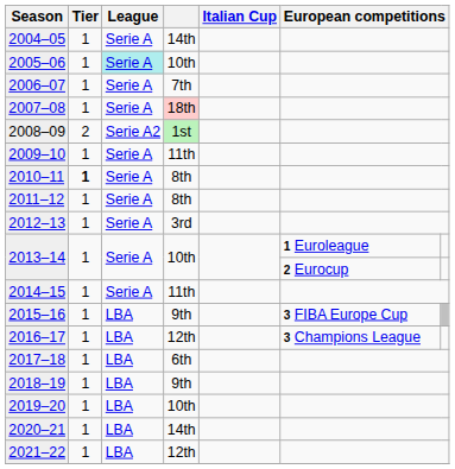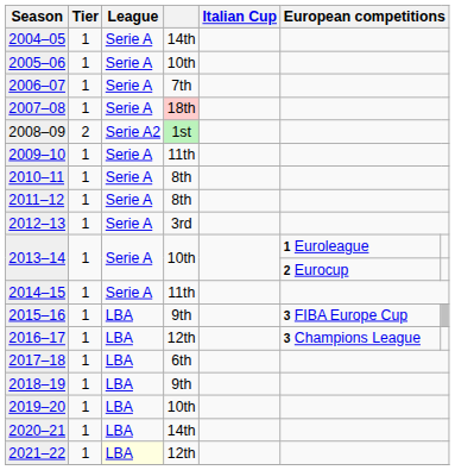 <table class="wikitable" style="font-size:85%; text-align:left">
 <tr>
 <th>Season</th>
 <th>Tier</th>
 <th>League</th>
 <th></th>
 <th><a href='#'>Italian Cup</a></th>
 <th colspan=2>European competitions</th>
 </tr>
 <tr>
 <td style="background:#efefef;"><a href='#'>2004–05</a></td>
 <td align="center">1</td>
 <td><a href='#'>Serie A</a></td>
 <td align="center">14th</td>
 <td></td>
 <td colspan=2></td>
 </tr>
 <tr>
 <td style="background:#efefef;"><a href='#'>2005–06</a></td>
 <td align="center">1</td>
-<td style="background: paleturquoise;"><a href='#'>Serie A</a></td>
+<td><a href='#'>Serie A</a></td>
 <td align="center">10th</td>
 <td></td>
 <td colspan=2></td>
 </tr>
 <tr>
 <td style="background:#efefef;"><a href='#'>2006–07</a></td>
 <td align="center">1</td>
 <td><a href='#'>Serie A</a></td>
 <td align="center">7th</td>
 <td></td>
 <td colspan=2></td>
 </tr>
 <tr>
 <td style="background:#efefef;"><a href='#'>2007–08</a></td>
 <td align="center">1</td>
 <td><a href='#'>Serie A</a></td>
 <td align="center" bgcolor=#fcc>18th</td>
 <td></td>
 <td colspan=2></td>
 </tr>
 <tr>
 <td style="background:#efefef;">2008–09</td>
 <td align="center">2</td>
 <td><a href='#'>Serie A2</a></td>
 <td align="center" style="background:#BBF3BB">1st</td>
 <td></td>
 <td colspan=2></td>
 </tr>
 <tr>
 <td style="background:#efefef;"><a href='#'>2009–10</a></td>
 <td align="center">1</td>
 <td><a href='#'>Serie A</a></td>
 <td align="center">11th</td>
 <td></td>
 <td colspan=2></td>
 </tr>
 <tr>
 <td style="background:#efefef;"><a href='#'>2010–11</a></td>
-<td align="center"><strong>1</strong></td>
+<td align="center">1</td>
 <td><a href='#'>Serie A</a></td>
 <td align="center">8th</td>
 <td></td>
 <td colspan=2></td>
 </tr>
 <tr>
 <td style="background:#efefef;"><a href='#'>2011–12</a></td>
 <td align="center">1</td>
 <td><a href='#'>Serie A</a></td>
 <td align="center">8th</td>
 <td></td>
 <td colspan=2></td>
 </tr>
 <tr>
 <td style="background:#efefef;"><a href='#'>2012–13</a></td>
 <td align="center">1</td>
 <td><a href='#'>Serie A</a></td>
 <td align="center">3rd</td>
 <td></td>
 <td colspan=2></td>
 </tr>
 <tr>
 <td rowspan=2 style="background:#efefef;"><a href='#'>2013–14</a></td>
 <td rowspan=2 align="center">1</td>
 <td rowspan=2><a href='#'>Serie A</a></td>
 <td rowspan=2 align="center">10th</td>
 <td rowspan=2></td>
 <td><small><strong>1</strong></small> <a href='#'>Euroleague</a></td>
 <td></td>
 </tr>
 <tr>
 <td><small><strong>2</strong></small> <a href='#'>Eurocup</a></td>
 <td></td>
 </tr>
 <tr>
 <td style="background:#efefef;"><a href='#'>2014–15</a></td>
 <td align="center">1</td>
 <td><a href='#'>Serie A</a></td>
 <td align="center">11th</td>
 <td></td>
 <td colspan=2></td>
 </tr>
 <tr>
 <td style="background:#efefef;"><a href='#'>2015–16</a></td>
 <td align="center">1</td>
 <td><a href='#'>LBA</a></td>
 <td align="center">9th</td>
 <td></td>
 <td><small><strong>3</strong></small> <a href='#'>FIBA Europe Cup</a></td>
 <td bgcolor=silver></td>
 </tr>
 <tr>
 <td style="background:#efefef;"><a href='#'>2016–17</a></td>
 <td align="center">1</td>
 <td><a href='#'>LBA</a></td>
 <td align="center">12th</td>
 <td></td>
 <td><small><strong>3</strong></small> <a href='#'>Champions League</a></td>
 <td></td>
 </tr>
 <tr>
 <td style="background:#efefef;"><a href='#'>2017–18</a></td>
 <td align="center">1</td>
 <td><a href='#'>LBA</a></td>
 <td align="center">6th</td>
 <td></td>
 <td colspan=2></td>
 </tr>
 <tr>
 <td style="background:#efefef;"><a href='#'>2018–19</a></td>
 <td align="center">1</td>
 <td><a href='#'>LBA</a></td>
 <td align="center">9th</td>
 <td></td>
 <td colspan=2></td>
 </tr>
 <tr>
 <td style="background:#efefef;"><a href='#'>2019–20</a></td>
 <td align="center">1</td>
 <td><a href='#'>LBA</a></td>
 <td align="center">10th</td>
 <td></td>
 <td colspan=2></td>
 </tr>
 <tr>
 <td style="background:#efefef;"><a href='#'>2020–21</a></td>
 <td align="center">1</td>
 <td><a href='#'>LBA</a></td>
 <td align="center">14th</td>
 <td></td>
 <td colspan=2></td>
 </tr>
 <tr>
 <td style="background:#efefef;"><a href='#'>2021–22</a></td>
 <td align="center">1</td>
-<td><a href='#'>LBA</a></td>
+<td style="background: lightyellow;"><a href='#'>LBA</a></td>
 <td align="center">12th</td>
 <td></td>
 <td colspan=2></td>
 </tr>
 <tr>
 </tr>
 </table>
